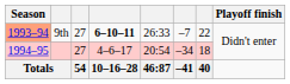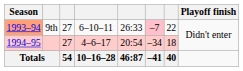 <table class="wikitable">
 <tr>
 <th>Season</th>
 <th></th>
 <th></th>
 <th></th>
 <th></th>
 <th></th>
 <th></th>
 <th>Playoff finish</th>
 </tr>
 <tr align=center>
 <td style="background: lightsalmon;"><a href='#'>1993–94</a></td>
 <td>9th</td>
 <td>27</td>
-<td><strong>6–10–11</strong></td>
+<td>6–10–11</td>
 <td>26:33</td>
-<td>–7</td>
+<td style="background: pink;">–7</td>
 <td>22</td>
 <td rowspan=2>Didn't enter</td>
 </tr>
 <tr align=center bgcolor=FFCCCC>
 <td><a href='#'>1994–95</a></td>
 <td></td>
 <td>27</td>
 <td>4–6–17</td>
 <td>20:54</td>
 <td>–34</td>
 <td>18</td>
 </tr>
 <tr>
 <th colspan=2>Totals</th>
 <th>54</th>
 <th>10–16–28</th>
 <th>46:87</th>
 <th>–41</th>
 <th>40</th>
 </tr>
 </table>
